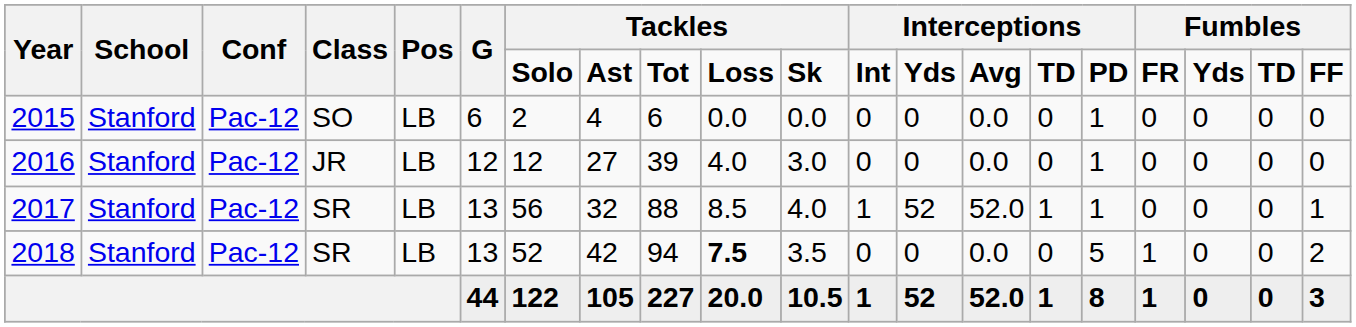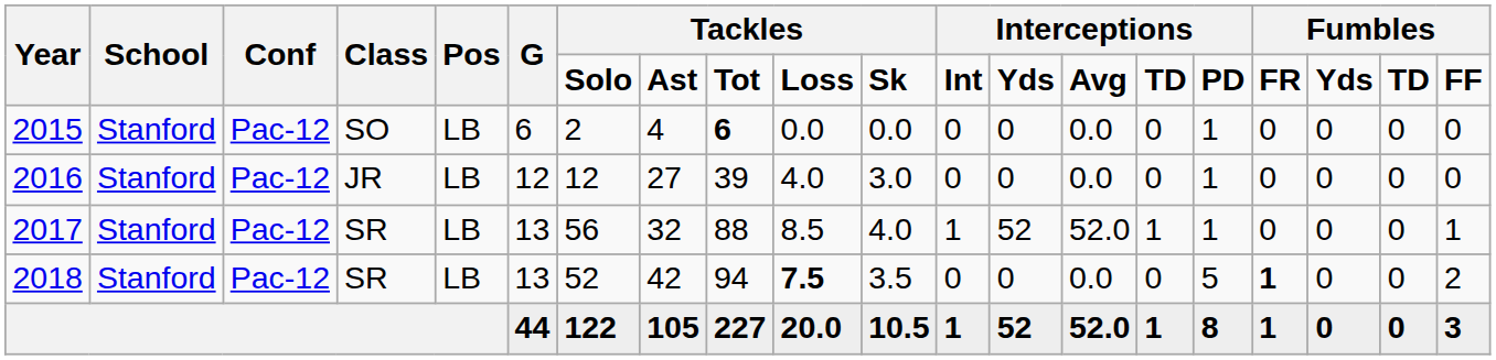 <table class="wikitable">
 <tr>
 <th rowspan="2">Year</th>
 <th rowspan="2">School</th>
 <th rowspan="2">Conf</th>
 <th rowspan="2">Class</th>
 <th rowspan="2">Pos</th>
 <th rowspan="2">G</th>
 <th colspan="5" style="text-align: center; font-weight:bold;">Tackles</th>
 <th colspan="5" style="text-align: center; font-weight:bold;">Interceptions</th>
 <th colspan="4" style="text-align: center; font-weight:bold;">Fumbles</th>
 </tr>
 <tr>
 <td style="font-weight:bold;">Solo</td>
 <td style="font-weight:bold;">Ast</td>
 <td style="font-weight:bold;">Tot</td>
 <td style="font-weight:bold;">Loss</td>
 <td style="font-weight:bold;">Sk</td>
 <td style="font-weight:bold;">Int</td>
 <td style="font-weight:bold;">Yds</td>
 <td style="font-weight:bold;">Avg</td>
 <td style="font-weight:bold;">TD</td>
 <td style="font-weight:bold;">PD</td>
 <td style="font-weight:bold;">FR</td>
 <td style="font-weight:bold;">Yds</td>
 <td style="font-weight:bold;">TD</td>
 <td style="font-weight:bold;">FF</td>
 </tr>
 <tr>
 <td><a href='#'>2015</a></td>
 <td><a href='#'>Stanford</a></td>
 <td><a href='#'>Pac-12</a></td>
 <td>SO</td>
 <td>LB</td>
 <td>6</td>
 <td>2</td>
 <td>4</td>
-<td>6</td>
+<td><strong>6</strong></td>
 <td>0.0</td>
 <td>0.0</td>
 <td>0</td>
 <td>0</td>
 <td>0.0</td>
 <td>0</td>
 <td>1</td>
 <td>0</td>
 <td>0</td>
 <td>0</td>
 <td>0</td>
 </tr>
 <tr>
 <td><a href='#'>2016</a></td>
 <td><a href='#'>Stanford</a></td>
 <td><a href='#'>Pac-12</a></td>
 <td>JR</td>
 <td>LB</td>
 <td>12</td>
 <td>12</td>
 <td>27</td>
 <td>39</td>
 <td>4.0</td>
 <td>3.0</td>
 <td>0</td>
 <td>0</td>
 <td>0.0</td>
 <td>0</td>
 <td>1</td>
 <td>0</td>
 <td>0</td>
 <td>0</td>
 <td>0</td>
 </tr>
 <tr>
 <td><a href='#'>2017</a></td>
 <td><a href='#'>Stanford</a></td>
 <td><a href='#'>Pac-12</a></td>
 <td>SR</td>
 <td>LB</td>
 <td>13</td>
 <td>56</td>
 <td>32</td>
 <td>88</td>
 <td>8.5</td>
 <td>4.0</td>
 <td>1</td>
 <td>52</td>
 <td>52.0</td>
 <td>1</td>
 <td>1</td>
 <td>0</td>
 <td>0</td>
 <td>0</td>
 <td>1</td>
 </tr>
 <tr>
 <td><a href='#'>2018</a></td>
 <td><a href='#'>Stanford</a></td>
 <td><a href='#'>Pac-12</a></td>
 <td>SR</td>
 <td>LB</td>
 <td>13</td>
 <td>52</td>
 <td>42</td>
 <td>94</td>
 <td><strong>7.5</strong></td>
 <td>3.5</td>
 <td>0</td>
 <td>0</td>
 <td>0.0</td>
 <td>0</td>
 <td>5</td>
-<td>1</td>
+<td><strong>1</strong></td>
 <td>0</td>
 <td>0</td>
 <td>2</td>
 </tr>
 <tr class="sortbottom" style="background:#eee;">
 <th colspan=5><strong></strong></th>
 <td style="font-weight:bold;">44</td>
 <td style="font-weight:bold;">122</td>
 <td style="font-weight:bold;">105</td>
 <td style="font-weight:bold;">227</td>
 <td style="font-weight:bold;">20.0</td>
 <td style="font-weight:bold;">10.5</td>
 <td style="font-weight:bold;">1</td>
 <td style="font-weight:bold;">52</td>
 <td style="font-weight:bold;">52.0</td>
 <td style="font-weight:bold;">1</td>
 <td style="font-weight:bold;">8</td>
 <td style="font-weight:bold;">1</td>
 <td style="font-weight:bold;">0</td>
 <td style="font-weight:bold;">0</td>
 <td style="font-weight:bold;">3</td>
 </tr>
 </table>
